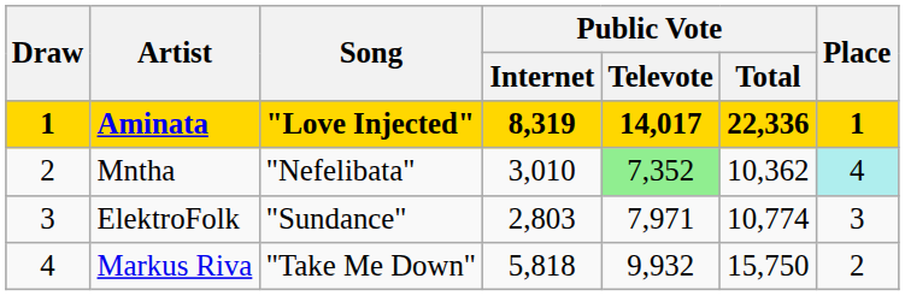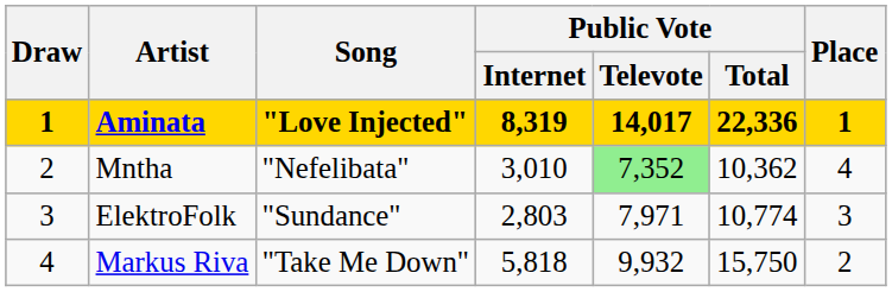 <table class="sortable wikitable" style="margin: 1em auto 1em auto; text-align:center">
 <tr>
 <th rowspan="2">Draw</th>
 <th rowspan="2">Artist</th>
 <th rowspan="2">Song</th>
 <th colspan="3">Public Vote</th>
 <th rowspan="2">Place</th>
 </tr>
 <tr>
 <th>Internet</th>
 <th>Televote</th>
 <th>Total</th>
 </tr>
 <tr style="font-weight:bold; background:gold;">
 <td>1</td>
 <td align="left"><a href='#'>Aminata</a></td>
 <td align="left">"Love Injected"</td>
 <td>8,319</td>
 <td>14,017</td>
 <td>22,336</td>
 <td>1</td>
 </tr>
 <tr>
 <td>2</td>
 <td align="left">Mntha</td>
 <td align="left">"Nefelibata"</td>
 <td>3,010</td>
 <td style="background: lightgreen;">7,352</td>
 <td>10,362</td>
-<td style="background: paleturquoise;">4</td>
+<td>4</td>
 </tr>
 <tr>
 <td>3</td>
 <td align="left">ElektroFolk</td>
 <td align="left">"Sundance"</td>
 <td>2,803</td>
 <td>7,971</td>
 <td>10,774</td>
 <td>3</td>
 </tr>
 <tr>
 <td>4</td>
 <td align="left"><a href='#'>Markus Riva</a></td>
 <td align="left">"Take Me Down"</td>
 <td>5,818</td>
 <td>9,932</td>
 <td>15,750</td>
 <td>2</td>
 </tr>
 </table>
